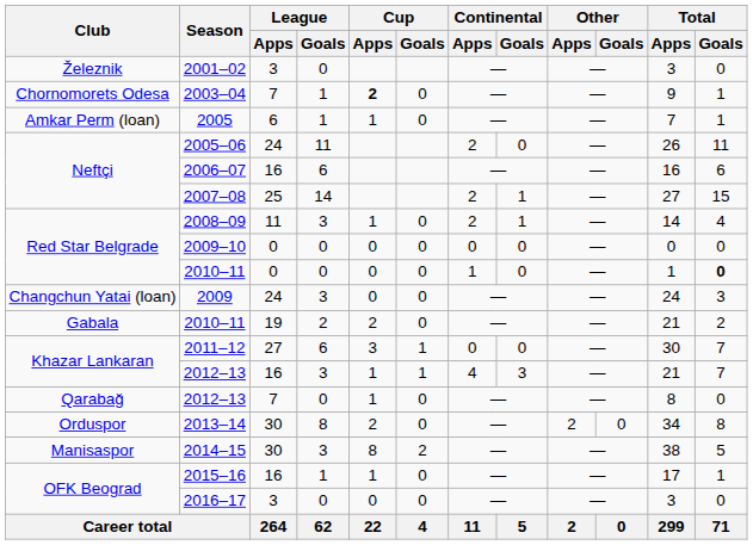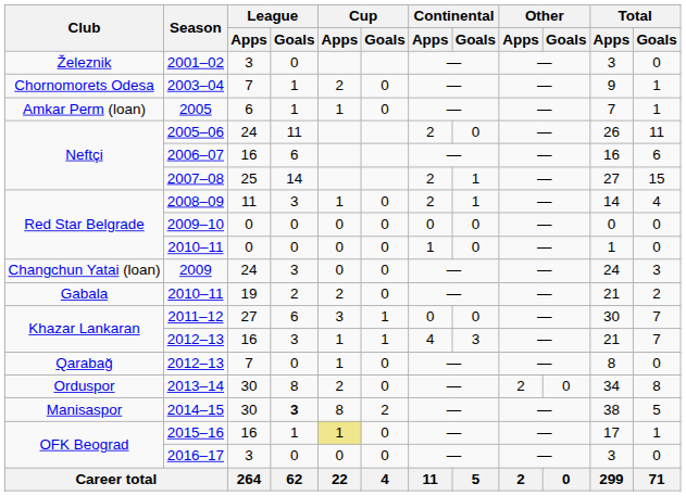 <table class="wikitable" style="text-align:center">
 <tr>
 <th rowspan="2">Club</th>
 <th rowspan="2">Season</th>
 <th colspan="2">League</th>
 <th colspan="2">Cup</th>
 <th colspan="2">Continental</th>
 <th colspan="2">Other</th>
 <th colspan="2">Total</th>
 </tr>
 <tr>
 <th>Apps</th>
 <th>Goals</th>
 <th>Apps</th>
 <th>Goals</th>
 <th>Apps</th>
 <th>Goals</th>
 <th>Apps</th>
 <th>Goals</th>
 <th>Apps</th>
 <th>Goals</th>
 </tr>
 <tr>
 <td><a href='#'>Železnik</a></td>
 <td><a href='#'>2001–02</a></td>
 <td>3</td>
 <td>0</td>
 <td></td>
 <td></td>
 <td colspan="2">—</td>
 <td colspan="2">—</td>
 <td>3</td>
 <td>0</td>
 </tr>
 <tr>
 <td><a href='#'>Chornomorets Odesa</a></td>
 <td><a href='#'>2003–04</a></td>
 <td>7</td>
 <td>1</td>
-<td><strong>2</strong></td>
+<td>2</td>
 <td>0</td>
 <td colspan="2">—</td>
 <td colspan="2">—</td>
 <td>9</td>
 <td>1</td>
 </tr>
 <tr>
 <td><a href='#'>Amkar Perm</a> (loan)</td>
 <td><a href='#'>2005</a></td>
 <td>6</td>
 <td>1</td>
 <td>1</td>
 <td>0</td>
 <td colspan="2">—</td>
 <td colspan="2">—</td>
 <td>7</td>
 <td>1</td>
 </tr>
 <tr>
 <td rowspan="3"><a href='#'>Neftçi</a></td>
 <td><a href='#'>2005–06</a></td>
 <td>24</td>
 <td>11</td>
 <td></td>
 <td></td>
 <td>2</td>
 <td>0</td>
 <td colspan="2">—</td>
 <td>26</td>
 <td>11</td>
 </tr>
 <tr>
 <td><a href='#'>2006–07</a></td>
 <td>16</td>
 <td>6</td>
 <td></td>
 <td></td>
 <td colspan="2">—</td>
 <td colspan="2">—</td>
 <td>16</td>
 <td>6</td>
 </tr>
 <tr>
 <td><a href='#'>2007–08</a></td>
 <td>25</td>
 <td>14</td>
 <td></td>
 <td></td>
 <td>2</td>
 <td>1</td>
 <td colspan="2">—</td>
 <td>27</td>
 <td>15</td>
 </tr>
 <tr>
 <td rowspan="3"><a href='#'>Red Star Belgrade</a></td>
 <td><a href='#'>2008–09</a></td>
 <td>11</td>
 <td>3</td>
 <td>1</td>
 <td>0</td>
 <td>2</td>
 <td>1</td>
 <td colspan="2">—</td>
 <td>14</td>
 <td>4</td>
 </tr>
 <tr>
 <td><a href='#'>2009–10</a></td>
 <td>0</td>
 <td>0</td>
 <td>0</td>
 <td>0</td>
 <td>0</td>
 <td>0</td>
 <td colspan="2">—</td>
 <td>0</td>
 <td>0</td>
 </tr>
 <tr>
 <td><a href='#'>2010–11</a></td>
 <td>0</td>
 <td>0</td>
 <td>0</td>
 <td>0</td>
 <td>1</td>
 <td>0</td>
 <td colspan="2">—</td>
 <td>1</td>
-<td><strong>0</strong></td>
+<td>0</td>
 </tr>
 <tr>
 <td><a href='#'>Changchun Yatai</a> (loan)</td>
 <td><a href='#'>2009</a></td>
 <td>24</td>
 <td>3</td>
 <td>0</td>
 <td>0</td>
 <td colspan="2">—</td>
 <td colspan="2">—</td>
 <td>24</td>
 <td>3</td>
 </tr>
 <tr>
 <td><a href='#'>Gabala</a></td>
 <td><a href='#'>2010–11</a></td>
 <td>19</td>
 <td>2</td>
 <td>2</td>
 <td>0</td>
 <td colspan="2">—</td>
 <td colspan="2">—</td>
 <td>21</td>
 <td>2</td>
 </tr>
 <tr>
 <td rowspan="2"><a href='#'>Khazar Lankaran</a></td>
 <td><a href='#'>2011–12</a></td>
 <td>27</td>
 <td>6</td>
 <td>3</td>
 <td>1</td>
 <td>0</td>
 <td>0</td>
 <td colspan="2">—</td>
 <td>30</td>
 <td>7</td>
 </tr>
 <tr>
 <td><a href='#'>2012–13</a></td>
 <td>16</td>
 <td>3</td>
 <td>1</td>
 <td>1</td>
 <td>4</td>
 <td>3</td>
 <td colspan="2">—</td>
 <td>21</td>
 <td>7</td>
 </tr>
 <tr>
 <td><a href='#'>Qarabağ</a></td>
 <td><a href='#'>2012–13</a></td>
 <td>7</td>
 <td>0</td>
 <td>1</td>
 <td>0</td>
 <td colspan="2">—</td>
 <td colspan="2">—</td>
 <td>8</td>
 <td>0</td>
 </tr>
 <tr>
 <td><a href='#'>Orduspor</a></td>
 <td><a href='#'>2013–14</a></td>
 <td>30</td>
 <td>8</td>
 <td>2</td>
 <td>0</td>
 <td colspan="2">—</td>
 <td>2</td>
 <td>0</td>
 <td>34</td>
 <td>8</td>
 </tr>
 <tr>
 <td><a href='#'>Manisaspor</a></td>
 <td><a href='#'>2014–15</a></td>
 <td>30</td>
-<td>3</td>
+<td><strong>3</strong></td>
 <td>8</td>
 <td>2</td>
 <td colspan="2">—</td>
 <td colspan="2">—</td>
 <td>38</td>
 <td>5</td>
 </tr>
 <tr>
 <td rowspan="2"><a href='#'>OFK Beograd</a></td>
 <td><a href='#'>2015–16</a></td>
 <td>16</td>
 <td>1</td>
-<td>1</td>
+<td style="background: khaki;">1</td>
 <td>0</td>
 <td colspan="2">—</td>
 <td colspan="2">—</td>
 <td>17</td>
 <td>1</td>
 </tr>
 <tr>
 <td><a href='#'>2016–17</a></td>
 <td>3</td>
 <td>0</td>
 <td>0</td>
 <td>0</td>
 <td colspan="2">—</td>
 <td colspan="2">—</td>
 <td>3</td>
 <td>0</td>
 </tr>
 <tr>
 <th colspan="2">Career total</th>
 <th>264</th>
 <th>62</th>
 <th>22</th>
 <th>4</th>
 <th>11</th>
 <th>5</th>
 <th>2</th>
 <th>0</th>
 <th>299</th>
 <th>71</th>
 </tr>
 </table>
